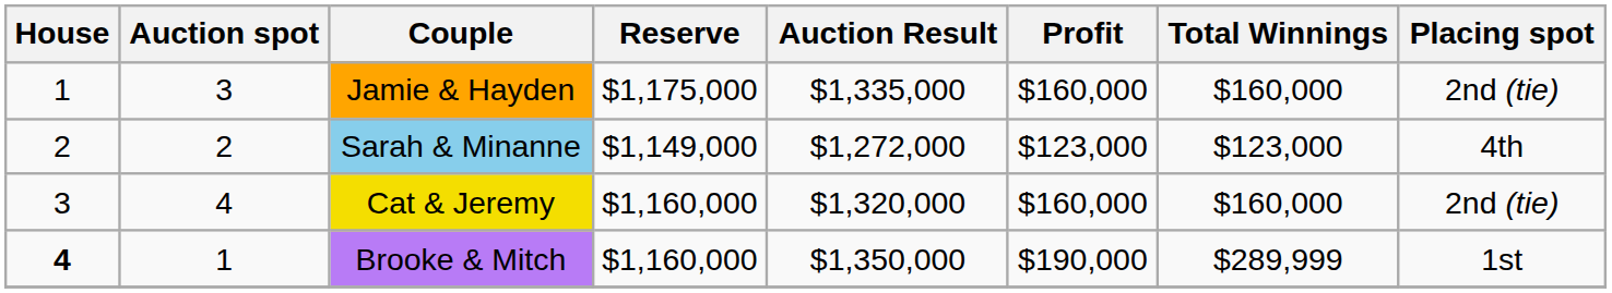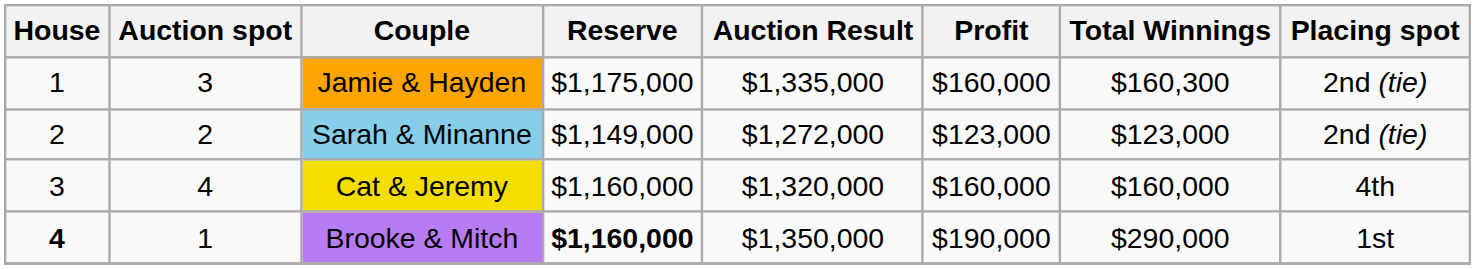 <table class="wikitable" style="text-align: center; font-size: 9pt; line-height:16px; width:70%" |>
 <tr>
 <th>House</th>
 <th>Auction spot </th>
 <th>Couple</th>
 <th>Reserve</th>
 <th>Auction Result</th>
 <th>Profit</th>
 <th>Total Winnings</th>
 <th>Placing spot</th>
 </tr>
 <tr>
 <td>1</td>
 <td style="text-align:center">3</td>
 <td style="background-color:orange;">Jamie & Hayden</td>
 <td style="text-align:center">$1,175,000</td>
 <td style="text-align:center">$1,335,000</td>
 <td style="text-align:center">$160,000</td>
-<td style="text-align:center">$160,000</td>
+<td style="text-align:center">$160,300</td>
 <td style="text-align:center">2nd <em>(tie)</em></td>
 </tr>
 <tr>
 <td>2</td>
 <td style="text-align:center">2</td>
 <td style="background-color:skyblue;">Sarah & Minanne</td>
 <td style="text-align:center">$1,149,000</td>
 <td style="text-align:center">$1,272,000</td>
 <td style="text-align:center">$123,000</td>
 <td style="text-align:center">$123,000</td>
-<td style="text-align:center">4th</td>
+<td style="text-align:center">2nd <em>(tie)</em></td>
 </tr>
 <tr>
 <td>3</td>
 <td style="text-align:center">4</td>
 <td style='background:#f4de00;'>Cat & Jeremy</td>
 <td style="text-align:center">$1,160,000</td>
 <td style="text-align:center">$1,320,000</td>
 <td style="text-align:center">$160,000</td>
 <td style="text-align:center">$160,000</td>
-<td style="text-align:center">2nd <em>(tie)</em></td>
+<td style="text-align:center">4th</td>
 </tr>
 <tr>
 <td><strong>4</strong></td>
 <td style="text-align:center">1</td>
 <td style='background:#B87BF6;'>Brooke & Mitch</td>
-<td style="text-align:center">$1,160,000</td>
+<td style="text-align:center"><strong>$1,160,000</strong></td>
 <td style="text-align:center">$1,350,000</td>
 <td style="text-align:center">$190,000</td>
-<td style="text-align:center">$289,999</td>
+<td style="text-align:center">$290,000</td>
 <td style="text-align:center">1st</td>
 </tr>
 <tr>
 </tr>
 </table>
